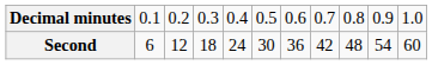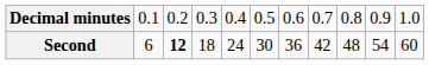 <table class="wikitable" style="margin: auto; text-align: center;">
 <tr>
 <th>Decimal minutes</th>
 <td>0.1</td>
 <td>0.2</td>
 <td>0.3</td>
 <td>0.4</td>
 <td>0.5</td>
 <td>0.6</td>
 <td>0.7</td>
 <td>0.8</td>
 <td>0.9</td>
 <td>1.0</td>
 </tr>
 <tr>
 <th>Second</th>
 <td>6</td>
-<td>12</td>
+<td><strong>12</strong></td>
 <td>18</td>
 <td>24</td>
 <td>30</td>
 <td>36</td>
 <td>42</td>
 <td>48</td>
 <td>54</td>
 <td>60</td>
 </tr>
 </table>
